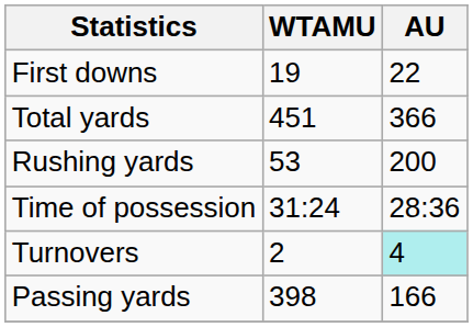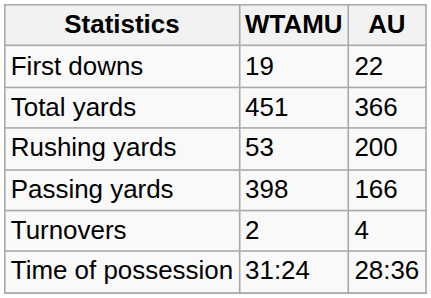 <table class="wikitable">
 <tr>
 <th>Statistics</th>
 <th>WTAMU</th>
 <th>AU</th>
 </tr>
 <tr>
 <td>First downs</td>
 <td>19</td>
 <td>22</td>
 </tr>
 <tr>
 <td>Total yards</td>
 <td>451</td>
 <td>366</td>
 </tr>
 <tr>
 <td>Rushing yards</td>
 <td>53</td>
 <td>200</td>
 </tr>
 <tr>
+<td>Passing yards</td>
+<td>398</td>
+<td>166</td>
+</tr>
+<tr>
+<td>Turnovers</td>
+<td>2</td>
+<td>4</td>
+</tr>
+<tr>
 <td>Time of possession</td>
 <td>31:24</td>
 <td>28:36</td>
 </tr>
 <tr>
-<td>Turnovers</td>
-<td>2</td>
-<td style="background: paleturquoise;">4</td>
-</tr>
-<tr>
-<td>Passing yards</td>
-<td>398</td>
-<td>166</td>
-</tr>
-<tr>
 </tr>
 </table>
